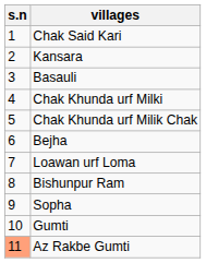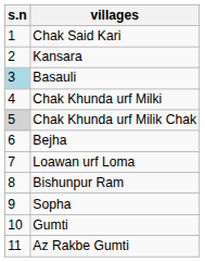 <table class="wikitable">
 <tr>
 <th>s.n</th>
 <th>villages</th>
 </tr>
 <tr>
 <td>1</td>
 <td>Chak Said Kari</td>
 </tr>
 <tr>
 <td>2</td>
 <td>Kansara</td>
 </tr>
 <tr>
-<td>3</td>
+<td style="background: lightblue;">3</td>
 <td>Basauli</td>
 </tr>
 <tr>
 <td>4</td>
 <td>Chak Khunda urf Milki</td>
 </tr>
 <tr>
-<td>5</td>
+<td style="background: lightgrey;">5</td>
 <td>Chak Khunda urf Milik Chak</td>
 </tr>
 <tr>
 <td>6</td>
 <td>Bejha</td>
 </tr>
 <tr>
 <td>7</td>
 <td>Loawan urf Loma</td>
 </tr>
 <tr>
 <td>8</td>
 <td>Bishunpur Ram</td>
 </tr>
 <tr>
 <td>9</td>
 <td>Sopha</td>
 </tr>
 <tr>
 <td>10</td>
 <td>Gumti</td>
 </tr>
 <tr>
-<td style="background: lightsalmon;">11</td>
+<td>11</td>
 <td>Az Rakbe Gumti</td>
 </tr>
 </table>
